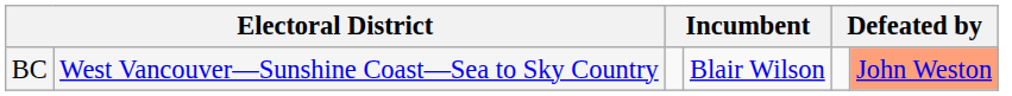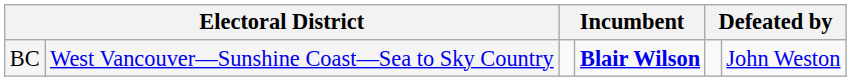 <table class="wikitable">
 <tr>
 <th colspan=2>Electoral District</th>
 <th colspan=2>Incumbent</th>
 <th colspan=2>Defeated by</th>
 </tr>
 <tr>
 <td style="background:whitesmoke;">BC</td>
 <td style="background:whitesmoke;"><a href='#'>West Vancouver—Sunshine Coast—Sea to Sky Country</a></td>
 <td> </td>
-<td><a href='#'>Blair Wilson</a></td>
+<td><strong><a href='#'>Blair Wilson</a></strong></td>
 <td> </td>
-<td style="background: lightsalmon;"><a href='#'>John Weston</a></td>
+<td><a href='#'>John Weston</a></td>
 </tr>
 </table>
